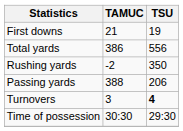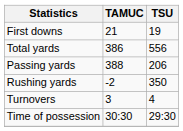 <table class="wikitable" style="float: left;">
 <tr>
 <th>Statistics</th>
 <th>TAMUC</th>
 <th>TSU</th>
 </tr>
 <tr>
 <td>First downs</td>
 <td>21</td>
 <td>19</td>
 </tr>
 <tr>
 <td>Total yards</td>
 <td>386</td>
 <td>556</td>
 </tr>
 <tr>
+<td>Passing yards</td>
+<td>388</td>
+<td>206</td>
+</tr>
+<tr>
 <td>Rushing yards</td>
 <td>-2</td>
 <td>350</td>
 </tr>
 <tr>
-<td>Passing yards</td>
-<td>388</td>
-<td>206</td>
-</tr>
-<tr>
 <td>Turnovers</td>
 <td>3</td>
-<td><strong>4</strong></td>
+<td>4</td>
 </tr>
 <tr>
 <td>Time of possession</td>
 <td>30:30</td>
 <td>29:30</td>
 </tr>
 <tr>
 </tr>
 </table>
